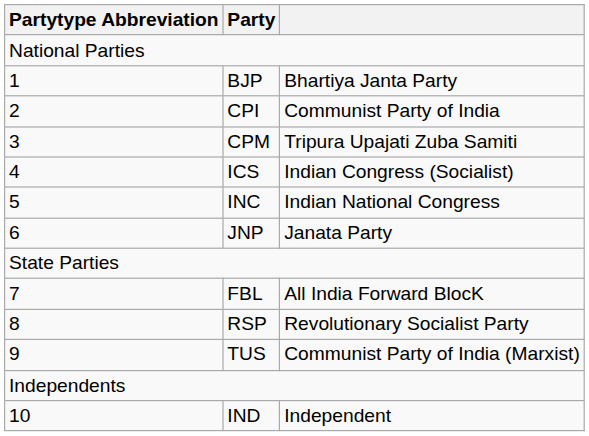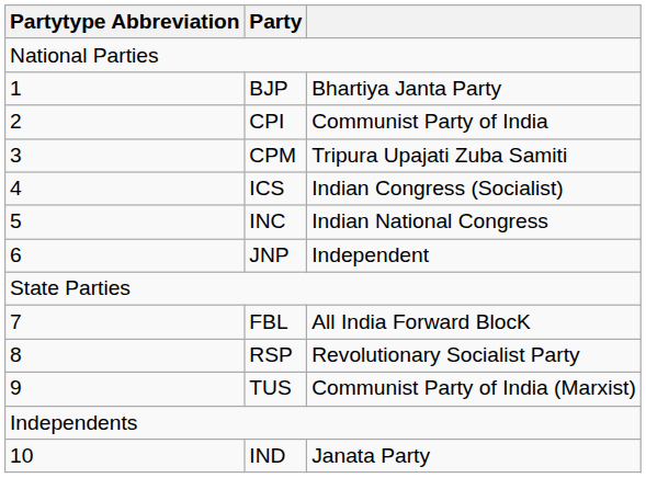 <table class="wikitable">
 <tr>
 <th>Partytype Abbreviation</th>
 <th>Party</th>
 <th></th>
 </tr>
 <tr>
 <td colspan="3">National Parties</td>
 </tr>
 <tr>
 <td>1</td>
 <td>BJP</td>
 <td>Bhartiya Janta Party</td>
 </tr>
 <tr>
 <td>2</td>
 <td>CPI</td>
 <td>Communist Party of India</td>
 </tr>
 <tr>
 <td>3</td>
 <td>CPM</td>
 <td>Tripura Upajati Zuba Samiti</td>
 </tr>
 <tr>
 <td>4</td>
 <td>ICS</td>
 <td>Indian Congress (Socialist)</td>
 </tr>
 <tr>
 <td>5</td>
 <td>INC</td>
 <td>Indian National Congress</td>
 </tr>
 <tr>
 <td>6</td>
 <td>JNP</td>
-<td>Janata Party</td>
+<td>Independent</td>
 </tr>
 <tr>
 <td colspan="3">State Parties</td>
 </tr>
 <tr>
 <td>7</td>
 <td>FBL</td>
 <td>All India Forward BlocK</td>
 </tr>
 <tr>
 <td>8</td>
 <td>RSP</td>
 <td>Revolutionary Socialist Party</td>
 </tr>
 <tr>
 <td>9</td>
 <td>TUS</td>
 <td>Communist Party of India (Marxist)</td>
 </tr>
 <tr>
 <td colspan="3">Independents</td>
 </tr>
 <tr>
 <td>10</td>
 <td>IND</td>
-<td>Independent</td>
+<td>Janata Party</td>
 </tr>
 </table>
